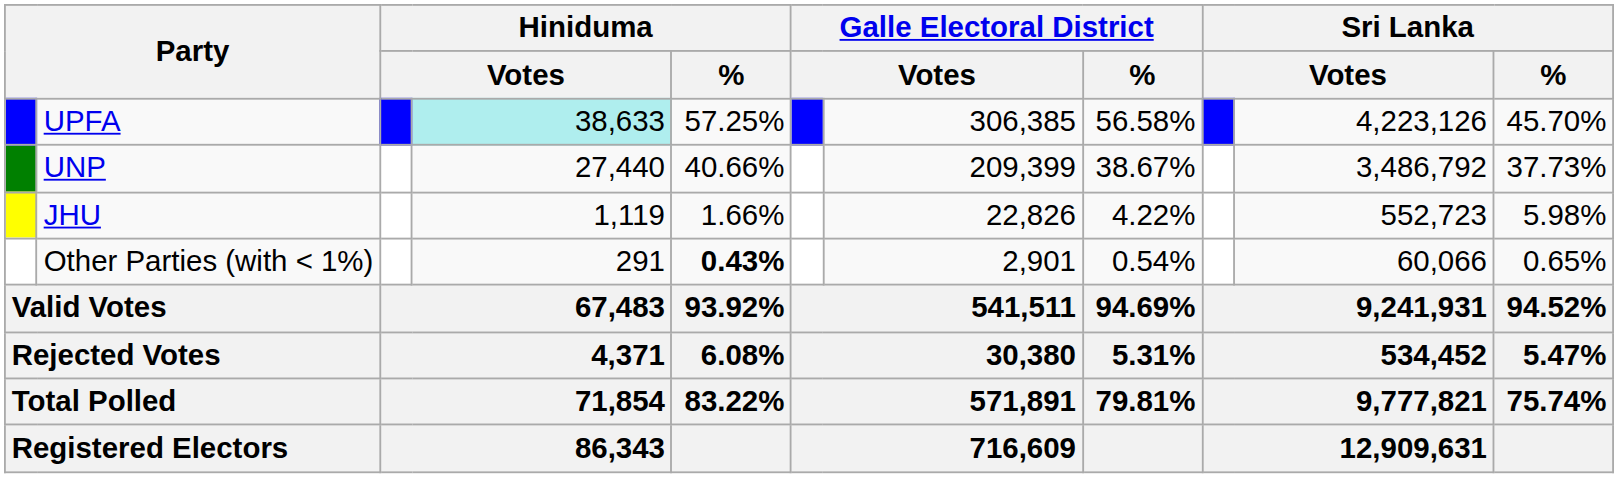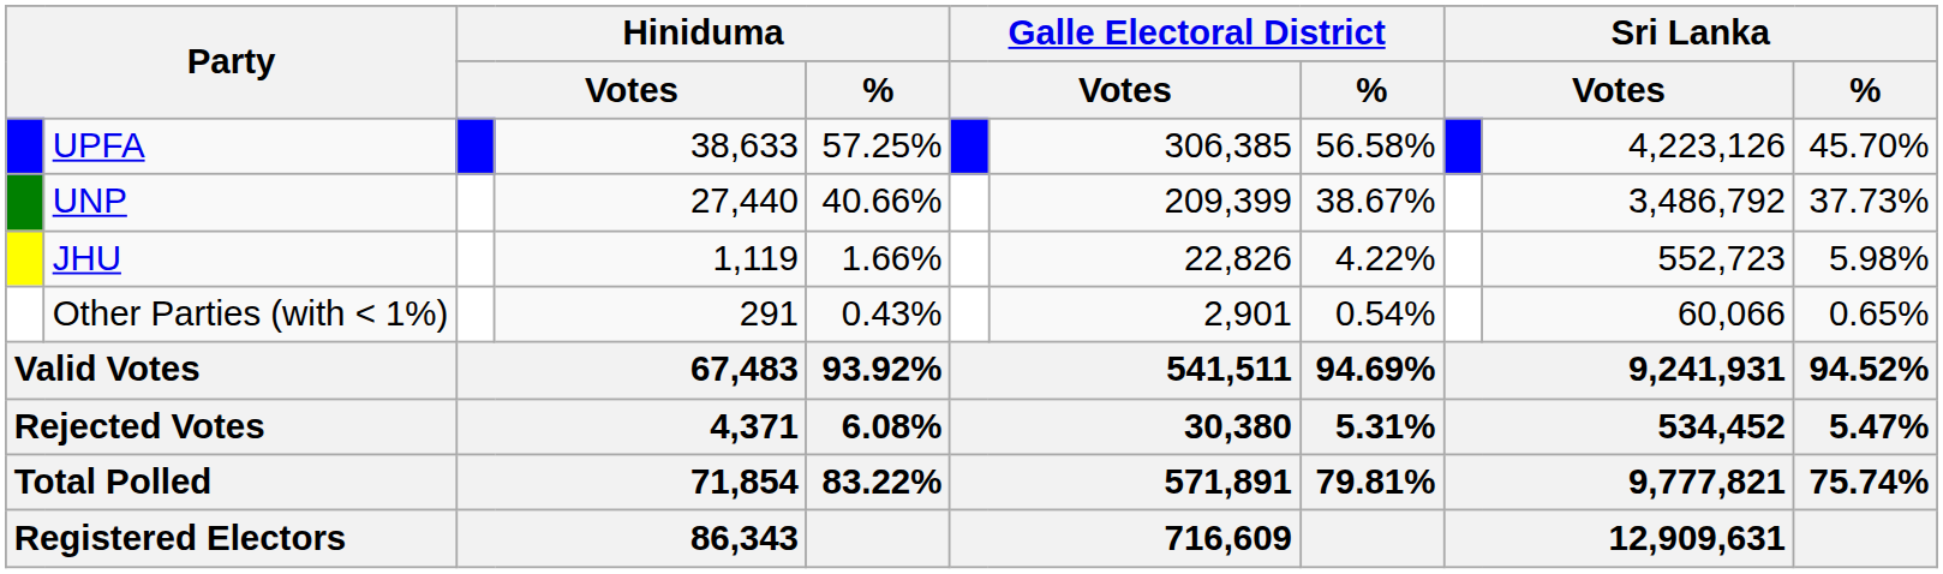 <table class="wikitable">
 <tr>
 <th colspan="2" width="144px"rowspan="2">Party</th>
 <th colspan="3" width="216px">Hiniduma</th>
 <th colspan="3" width="216px"><a href='#'>Galle Electoral District</a></th>
 <th colspan="3" width="216px">Sri Lanka</th>
 </tr>
 <tr>
 <th colspan="2" width="144px">Votes</th>
 <th>%</th>
 <th colspan="2" width="144px">Votes</th>
 <th>%</th>
 <th colspan="2" width="144px">Votes</th>
 <th>%</th>
 </tr>
 <tr>
 <td style="background-color:blue;" width="10px"></td>
 <td style="text-align:left;"><a href='#'>UPFA</a></td>
 <td style="background-color:blue;" width="10px"></td>
-<td style="background: paleturquoise; text-align:right;">38,633</td>
+<td style="text-align:right;">38,633</td>
 <td style="text-align:right;">57.25%</td>
 <td style="background-color:blue;" width="10px"></td>
 <td style="text-align:right;">306,385</td>
 <td style="text-align:right;">56.58%</td>
 <td style="background-color:blue;" width="10px"></td>
 <td style="text-align:right;">4,223,126</td>
 <td style="text-align:right;">45.70%</td>
 </tr>
 <tr>
 <td style="background-color:green;" width="10px"></td>
 <td style="text-align:left;"><a href='#'>UNP</a></td>
 <td style="background-color:white;" width="10px"></td>
 <td style="text-align:right;">27,440</td>
 <td style="text-align:right;">40.66%</td>
 <td style="background-color:white;" width="10px"></td>
 <td style="text-align:right;">209,399</td>
 <td style="text-align:right;">38.67%</td>
 <td style="background-color:white;" width="10px"></td>
 <td style="text-align:right;">3,486,792</td>
 <td style="text-align:right;">37.73%</td>
 </tr>
 <tr>
 <td style="background-color:yellow;" width="10px"></td>
 <td style="text-align:left;"><a href='#'>JHU</a></td>
 <td style="background-color:white;" width="10px"></td>
 <td style="text-align:right;">1,119</td>
 <td style="text-align:right;">1.66%</td>
 <td style="background-color:white;" width="10px"></td>
 <td style="text-align:right;">22,826</td>
 <td style="text-align:right;">4.22%</td>
 <td style="background-color:white;" width="10px"></td>
 <td style="text-align:right;">552,723</td>
 <td style="text-align:right;">5.98%</td>
 </tr>
 <tr>
 <td style="background-color:white;" width="10px"></td>
 <td style="text-align:left;">Other Parties (with < 1%)</td>
 <td style="background-color:white;" width="10px"></td>
 <td style="text-align:right;">291</td>
-<td style="text-align:right;"><strong>0.43%</strong></td>
+<td style="text-align:right;">0.43%</td>
 <td style="background-color:white;" width="10px"></td>
 <td style="text-align:right;">2,901</td>
 <td style="text-align:right;">0.54%</td>
 <td style="background-color:white;" width="10px"></td>
 <td style="text-align:right;">60,066</td>
 <td style="text-align:right;">0.65%</td>
 </tr>
 <tr>
 <th colspan="2" width="144px"style="text-align:left;">Valid Votes</th>
 <th style="text-align:right;"colspan="2" width="144px">67,483</th>
 <th style="text-align:right;">93.92%</th>
 <th style="text-align:right;"colspan="2" width="144px">541,511</th>
 <th style="text-align:right;">94.69%</th>
 <th style="text-align:right;"colspan="2" width="144px">9,241,931</th>
 <th style="text-align:right;">94.52%</th>
 </tr>
 <tr>
 <th colspan="2" width="144px"style="text-align:left;">Rejected Votes</th>
 <th style="text-align:right;"colspan="2" width="144px">4,371</th>
 <th style="text-align:right;">6.08%</th>
 <th style="text-align:right;"colspan="2" width="144px">30,380</th>
 <th style="text-align:right;">5.31%</th>
 <th style="text-align:right;"colspan="2" width="144px">534,452</th>
 <th style="text-align:right;">5.47%</th>
 </tr>
 <tr>
 <th colspan="2" width="144px"style="text-align:left;">Total Polled</th>
 <th style="text-align:right;"colspan="2" width="144px">71,854</th>
 <th style="text-align:right;">83.22%</th>
 <th style="text-align:right;"colspan="2" width="144px">571,891</th>
 <th style="text-align:right;">79.81%</th>
 <th style="text-align:right;"colspan="2" width="144px">9,777,821</th>
 <th style="text-align:right;">75.74%</th>
 </tr>
 <tr>
 <th colspan="2" width="144px"style="text-align:left;">Registered Electors</th>
 <th style="text-align:right;"colspan="2" width="144px">86,343</th>
 <th></th>
 <th style="text-align:right;"colspan="2" width="144px">716,609</th>
 <th></th>
 <th style="text-align:right;"colspan="2" width="144px">12,909,631</th>
 <th></th>
 </tr>
 </table>
